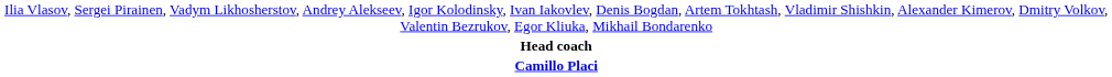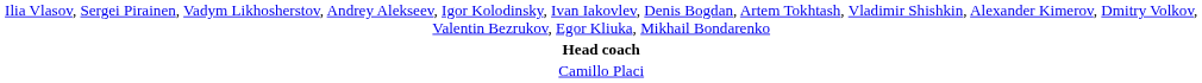 <table style="text-align: center; margin-top: 2em; margin-left: auto; margin-right: auto">
 <tr>
 <td><a href='#'>Ilia Vlasov</a>, <a href='#'>Sergei Pirainen</a>, <a href='#'>Vadym Likhosherstov</a>, <a href='#'>Andrey Alekseev</a>, <a href='#'>Igor Kolodinsky</a>, <a href='#'>Ivan Iakovlev</a>, <a href='#'>Denis Bogdan</a>, <a href='#'>Artem Tokhtash</a>, <a href='#'>Vladimir Shishkin</a>, <a href='#'>Alexander Kimerov</a>, <a href='#'>Dmitry Volkov</a>, <a href='#'>Valentin Bezrukov</a>, <a href='#'>Egor Kliuka</a>, <a href='#'>Mikhail Bondarenko</a></td>
 </tr>
 <tr>
 <td><strong>Head coach</strong></td>
 </tr>
 <tr>
-<td><strong><a href='#'>Camillo Placi</a></strong></td>
+<td><a href='#'>Camillo Placi</a></td>
 </tr>
 </table>
